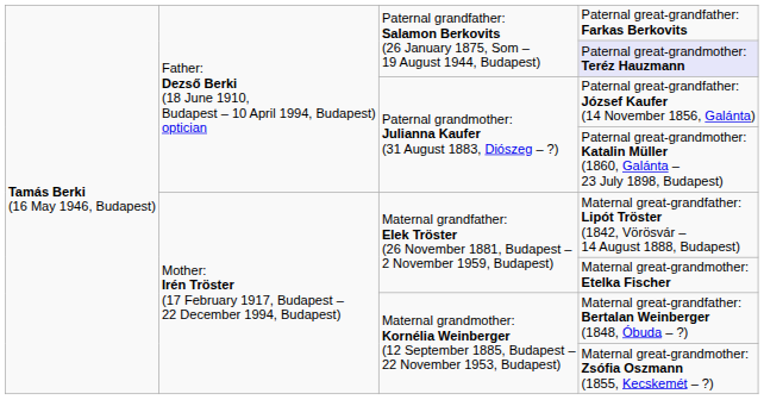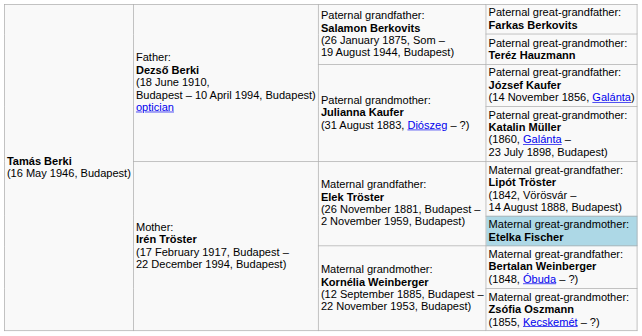 <table class="wikitable mw-collapsible">
 <tr>
 <td rowspan="8"><strong>Tamás Berki</strong><br>(16 May 1946, Budapest)</td>
 <td rowspan="4">Father:<br><strong>Dezső Berki</strong><br>(18 June 1910,<br>Budapest – 10 April 1994, Budapest)<br><a href='#'>optician</a></td>
 <td rowspan="2">Paternal grandfather:<br><strong>Salamon Berkovits</strong><br>(26 January 1875, Som –<br>19 August 1944, Budapest)</td>
 <td>Paternal great-grandfather:<br><strong>Farkas Berkovits</strong></td>
 </tr>
 <tr>
-<td style="background: lavender;">Paternal great-grandmother:<br><strong>Teréz Hauzmann</strong></td>
+<td>Paternal great-grandmother:<br><strong>Teréz Hauzmann</strong></td>
 </tr>
 <tr>
 <td rowspan="2">Paternal grandmother:<br><strong>Julianna Kaufer</strong><br>(31 August 1883, <a href='#'>Diószeg</a> – ?)</td>
 <td>Paternal great-grandfather:<br><strong>József Kaufer</strong><br>(14 November 1856, <a href='#'>Galánta</a>)</td>
 </tr>
 <tr>
 <td>Paternal great-grandmother:<br><strong>Katalin Müller</strong> <br>(1860, <a href='#'>Galánta</a> –<br>23 July 1898, Budapest)</td>
 </tr>
 <tr>
 <td rowspan="4">Mother:<br><strong>Irén Tröster</strong><br>(17 February 1917, Budapest –<br>22 December 1994, Budapest)</td>
 <td rowspan="2">Maternal grandfather:<br><strong>Elek Tröster</strong><br>(26 November 1881, Budapest –<br>2 November 1959, Budapest)</td>
 <td>Maternal great-grandfather:<br><strong>Lipót Tröster</strong><br>(1842, Vörösvár –<br>14 August 1888, Budapest)</td>
 </tr>
 <tr>
-<td>Maternal great-grandmother:<br><strong>Etelka Fischer</strong></td>
+<td style="background: lightblue;">Maternal great-grandmother:<br><strong>Etelka Fischer</strong></td>
 </tr>
 <tr>
 <td rowspan="2">Maternal grandmother:<br><strong>Kornélia Weinberger</strong><br>(12 September 1885, Budapest –<br>22 November 1953, Budapest)</td>
 <td>Maternal great-grandfather:<br><strong>Bertalan Weinberger</strong><br>(1848, <a href='#'>Óbuda</a> – ?)</td>
 </tr>
 <tr>
 <td>Maternal great-grandmother:<br><strong>Zsófia Oszmann</strong><br>(1855, <a href='#'>Kecskemét</a> – ?)</td>
 </tr>
 </table>
